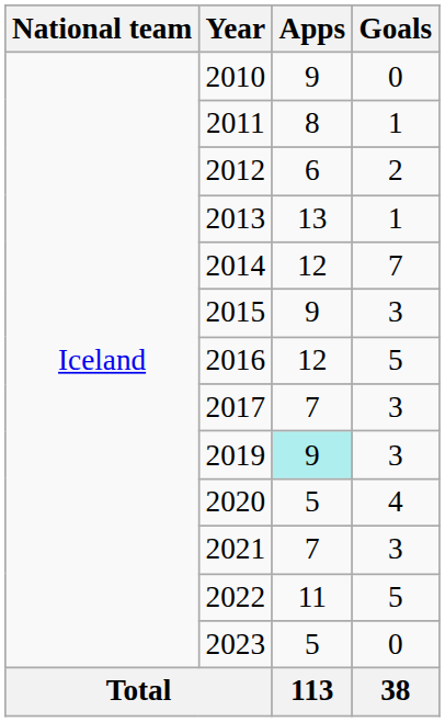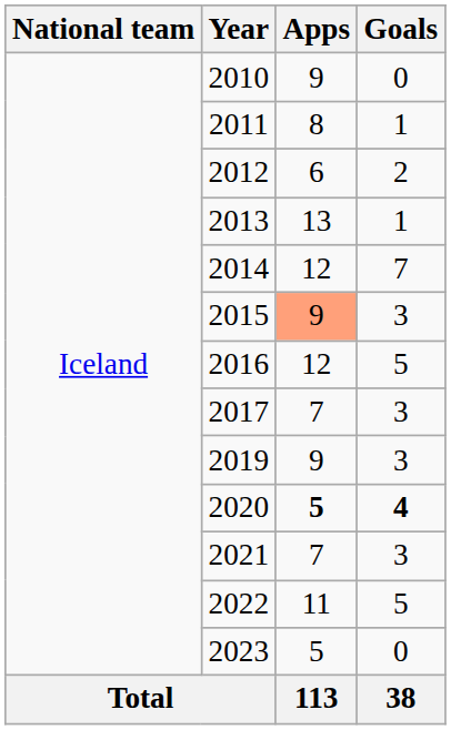 <table class="wikitable" style="text-align:center">
 <tr>
 <th>National team</th>
 <th>Year</th>
 <th>Apps</th>
 <th>Goals</th>
 </tr>
 <tr>
 <td rowspan="13"><a href='#'>Iceland</a></td>
 <td>2010</td>
 <td>9</td>
 <td>0</td>
 </tr>
 <tr>
 <td>2011</td>
 <td>8</td>
 <td>1</td>
 </tr>
 <tr>
 <td>2012</td>
 <td>6</td>
 <td>2</td>
 </tr>
 <tr>
 <td>2013</td>
 <td>13</td>
 <td>1</td>
 </tr>
 <tr>
 <td>2014</td>
 <td>12</td>
 <td>7</td>
 </tr>
 <tr>
 <td>2015</td>
-<td>9</td>
+<td style="background: lightsalmon;">9</td>
 <td>3</td>
 </tr>
 <tr>
 <td>2016</td>
 <td>12</td>
 <td>5</td>
 </tr>
 <tr>
 <td>2017</td>
 <td>7</td>
 <td>3</td>
 </tr>
 <tr>
 <td>2019</td>
-<td style="background: paleturquoise;">9</td>
+<td>9</td>
 <td>3</td>
 </tr>
 <tr>
 <td>2020</td>
-<td>5</td>
-<td>4</td>
+<td><strong>5</strong></td>
+<td><strong>4</strong></td>
 </tr>
 <tr>
 <td>2021</td>
 <td>7</td>
 <td>3</td>
 </tr>
 <tr>
 <td>2022</td>
 <td>11</td>
 <td>5</td>
 </tr>
 <tr>
 <td>2023</td>
 <td>5</td>
 <td>0</td>
 </tr>
 <tr>
 <th colspan="2">Total</th>
 <th>113</th>
 <th>38</th>
 </tr>
 </table>
